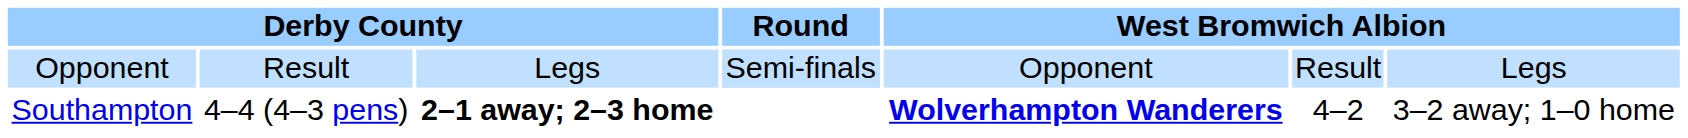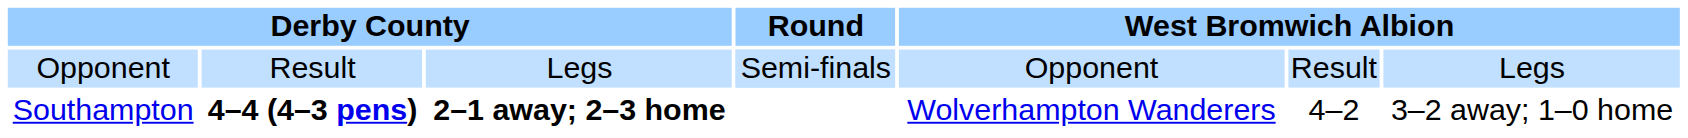 <table width="100%" bgcolor=white>
 <tr valign=top bgcolor=#99ccff>
 <th colspan=3 style="width:1*"><strong>Derby County</strong></th>
 <th><strong>Round</strong></th>
 <th colspan=3 style="width:1*"><strong>West Bromwich Albion</strong></th>
 </tr>
 <tr valign=top align="center" bgcolor=#c1e0ff>
 <td>Opponent</td>
 <td>Result</td>
 <td>Legs</td>
 <td bgcolor=#c1e0ff>Semi-finals</td>
 <td>Opponent</td>
 <td>Result</td>
 <td>Legs</td>
 </tr>
 <tr align="center">
 <td><a href='#'>Southampton</a></td>
-<td>4–4 (4–3 <a href='#'>pens</a>)</td>
+<td><strong>4–4 (4–3 <a href='#'>pens</a>)</strong></td>
 <td><strong>2–1 away; 2–3 home</strong></td>
 <td></td>
-<td><strong><a href='#'>Wolverhampton Wanderers</a></strong></td>
+<td><a href='#'>Wolverhampton Wanderers</a></td>
 <td>4–2</td>
 <td>3–2 away; 1–0 home</td>
 </tr>
 </table>
